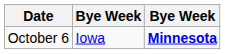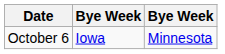 <table class="wikitable" style="font-size:95%;">
 <tr>
 <th>Date</th>
 <th>Bye Week</th>
 <th>Bye Week</th>
 </tr>
 <tr>
 <td>October 6</td>
 <td><a href='#'>Iowa</a></td>
-<td><strong><a href='#'>Minnesota</a></strong></td>
+<td><a href='#'>Minnesota</a></td>
 </tr>
 </table>
